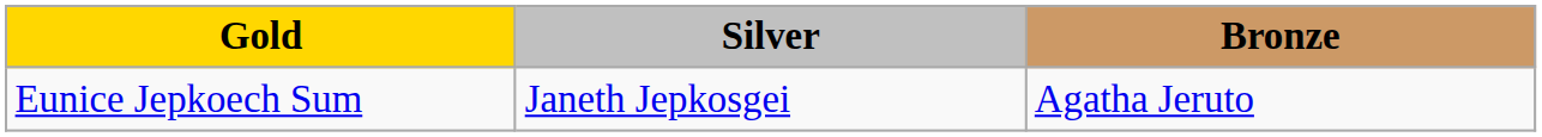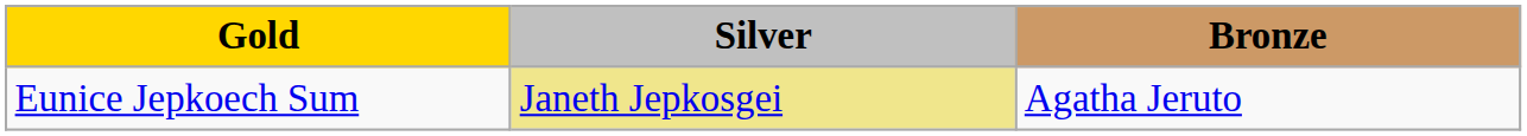 <table class="wikitable" style="text-align:left">
 <tr align="center">
 <td width=200 bgcolor=gold><strong>Gold</strong></td>
 <td width=200 bgcolor=silver><strong>Silver</strong></td>
 <td width=200 bgcolor=CC9966><strong>Bronze</strong></td>
 </tr>
 <tr>
 <td><a href='#'>Eunice Jepkoech Sum</a><br><em></em></td>
-<td><a href='#'>Janeth Jepkosgei</a><br><em></em></td>
+<td style="background: khaki;"><a href='#'>Janeth Jepkosgei</a><br><em></em></td>
 <td><a href='#'>Agatha Jeruto</a><br><em></em></td>
 </tr>
 </table>
